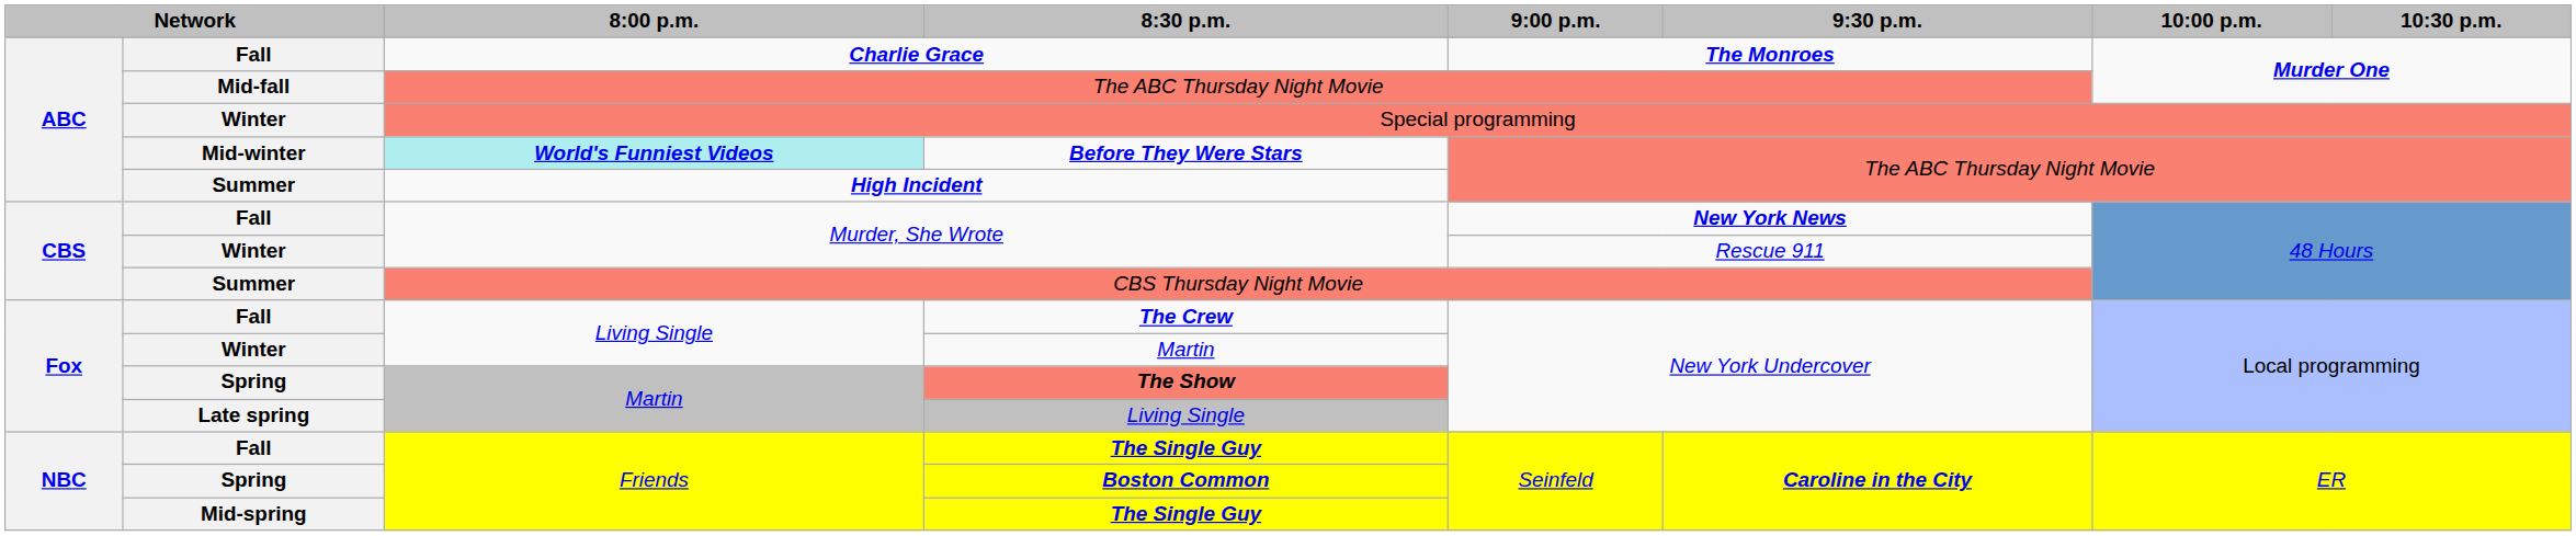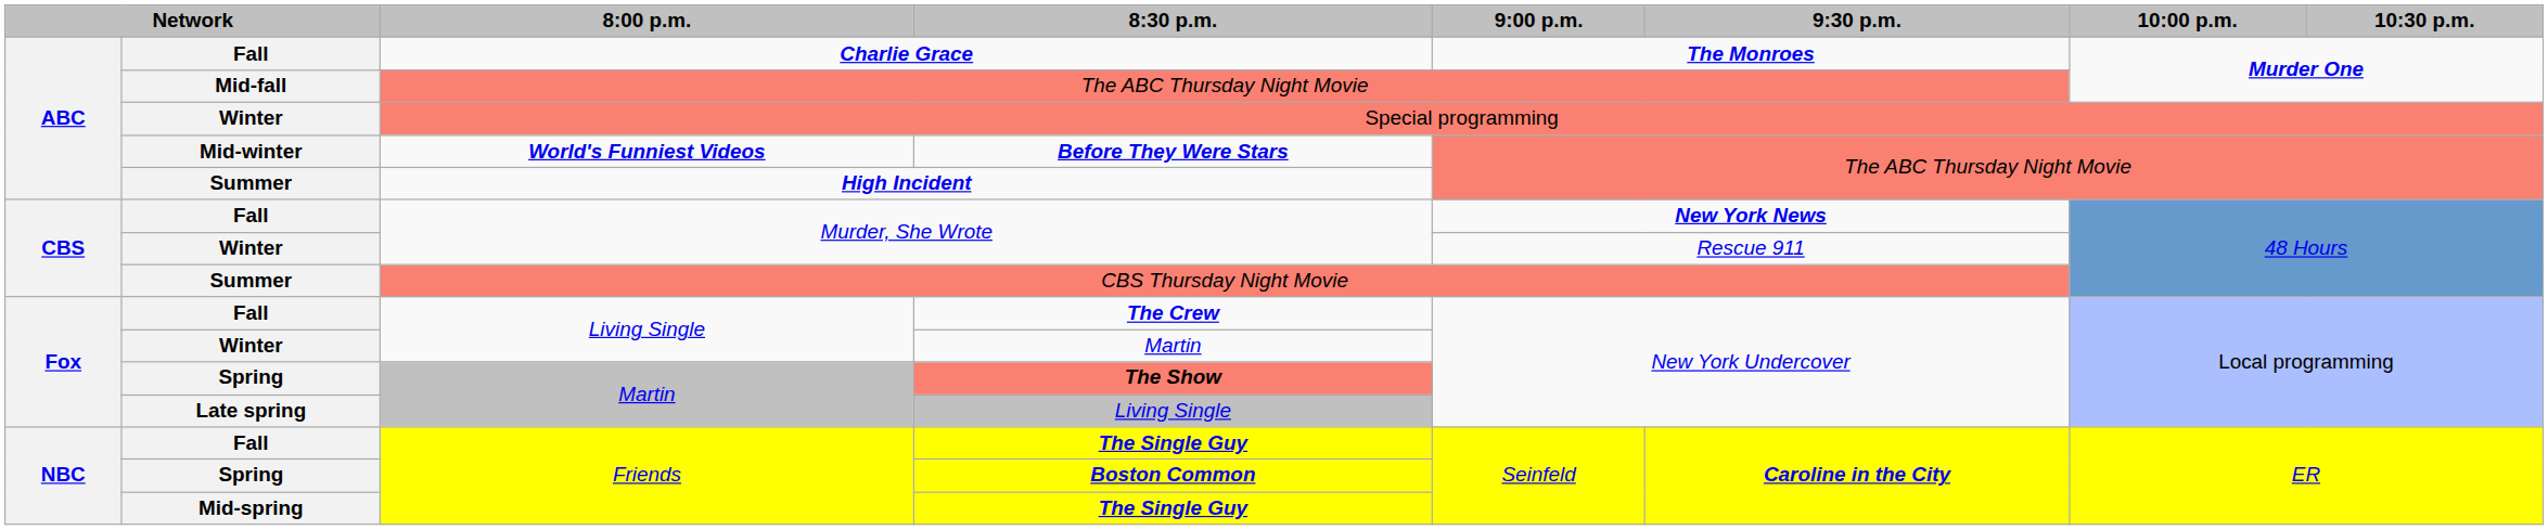 <table class="wikitable" style="width:100%;margin-right:0;text-align:center">
 <tr>
 <th colspan="2" style="background-color:#C0C0C0;text-align:center">Network</th>
 <th style="background-color:#C0C0C0;text-align:center">8:00 p.m.</th>
 <th style="background-color:#C0C0C0;text-align:center">8:30 p.m.</th>
 <th style="background-color:#C0C0C0;text-align:center">9:00 p.m.</th>
 <th style="background-color:#C0C0C0;text-align:center">9:30 p.m.</th>
 <th style="background-color:#C0C0C0;text-align:center">10:00 p.m.</th>
 <th style="background-color:#C0C0C0;text-align:center">10:30 p.m.</th>
 </tr>
 <tr>
 <th rowspan="5"><a href='#'>ABC</a></th>
 <th>Fall</th>
 <td colspan="2"><strong><em><a href='#'>Charlie Grace</a></em></strong></td>
 <td colspan="2"><strong><em><a href='#'>The Monroes</a></em></strong></td>
 <td colspan="2" rowspan="2"><strong><em><a href='#'>Murder One</a></em></strong></td>
 </tr>
 <tr>
 <th>Mid-fall</th>
 <td colspan="4" style="background:#FA8072;"><em>The ABC Thursday Night Movie</em></td>
 </tr>
 <tr>
 <th>Winter</th>
 <td colspan="6" style="background:#FA8072;">Special programming</td>
 </tr>
 <tr>
 <th>Mid-winter</th>
-<td style="background: paleturquoise;"><strong><em><a href='#'>World's Funniest Videos</a></em></strong></td>
+<td><strong><em><a href='#'>World's Funniest Videos</a></em></strong></td>
 <td><strong><em><a href='#'>Before They Were Stars</a></em></strong></td>
 <td colspan="4" rowspan="2" style="background:#FA8072;"><em>The ABC Thursday Night Movie</em></td>
 </tr>
 <tr>
 <th>Summer</th>
 <td colspan="2"><strong><em><a href='#'>High Incident</a></em></strong></td>
 </tr>
 <tr>
 <th rowspan="3"><a href='#'>CBS</a></th>
 <th>Fall</th>
 <td rowspan="2" colspan="2"><em><a href='#'>Murder, She Wrote</a></em></td>
 <td colspan="2"><strong><em><a href='#'>New York News</a></em></strong></td>
 <td rowspan="3" colspan="2" style="background:#6699CC;"><em><a href='#'>48 Hours</a></em></td>
 </tr>
 <tr>
 <th>Winter</th>
 <td colspan="2"><em><a href='#'>Rescue 911</a></em></td>
 </tr>
 <tr>
 <th>Summer</th>
 <td colspan="4" style="background:#FA8072;"><em>CBS Thursday Night Movie</em></td>
 </tr>
 <tr>
 <th rowspan="4"><a href='#'>Fox</a></th>
 <th>Fall</th>
 <td rowspan="2"><em><a href='#'>Living Single</a></em></td>
 <td><strong><em><a href='#'>The Crew</a></em></strong></td>
 <td rowspan="4" colspan="2"><em><a href='#'>New York Undercover</a></em></td>
 <td colspan="2" rowspan="4" style="background:#abbfff;">Local programming</td>
 </tr>
 <tr>
 <th>Winter</th>
 <td><em><a href='#'>Martin</a></em></td>
 </tr>
 <tr>
 <th>Spring</th>
 <td rowspan="2" style="background:#C0C0C0;"><em><a href='#'>Martin</a></em> </td>
 <td style="background:#FA8072;"><strong><em>The Show</em></strong></td>
 </tr>
 <tr>
 <th>Late spring</th>
 <td style="background:#C0C0C0;"><em><a href='#'>Living Single</a></em> </td>
 </tr>
 <tr>
 <th rowspan="3"><a href='#'>NBC</a></th>
 <th>Fall</th>
 <td rowspan="3" style="background:yellow;"><em><a href='#'>Friends</a></em> </td>
 <td style="background:yellow;"><strong><em><a href='#'>The Single Guy</a></em></strong> </td>
 <td rowspan="3" style="background:yellow;"><em><a href='#'>Seinfeld</a></em> </td>
 <td rowspan="3" style="background:yellow;"><strong><em><a href='#'>Caroline in the City</a></em></strong> </td>
 <td rowspan="3" colspan="2" style="background:yellow;"><em><a href='#'>ER</a></em> </td>
 </tr>
 <tr>
 <th>Spring</th>
 <td style="background:yellow;"><strong><em><a href='#'>Boston Common</a></em></strong> </td>
 </tr>
 <tr>
 <th>Mid-spring</th>
 <td style="background:yellow;"><strong><em><a href='#'>The Single Guy</a></em></strong> </td>
 </tr>
 </table>
